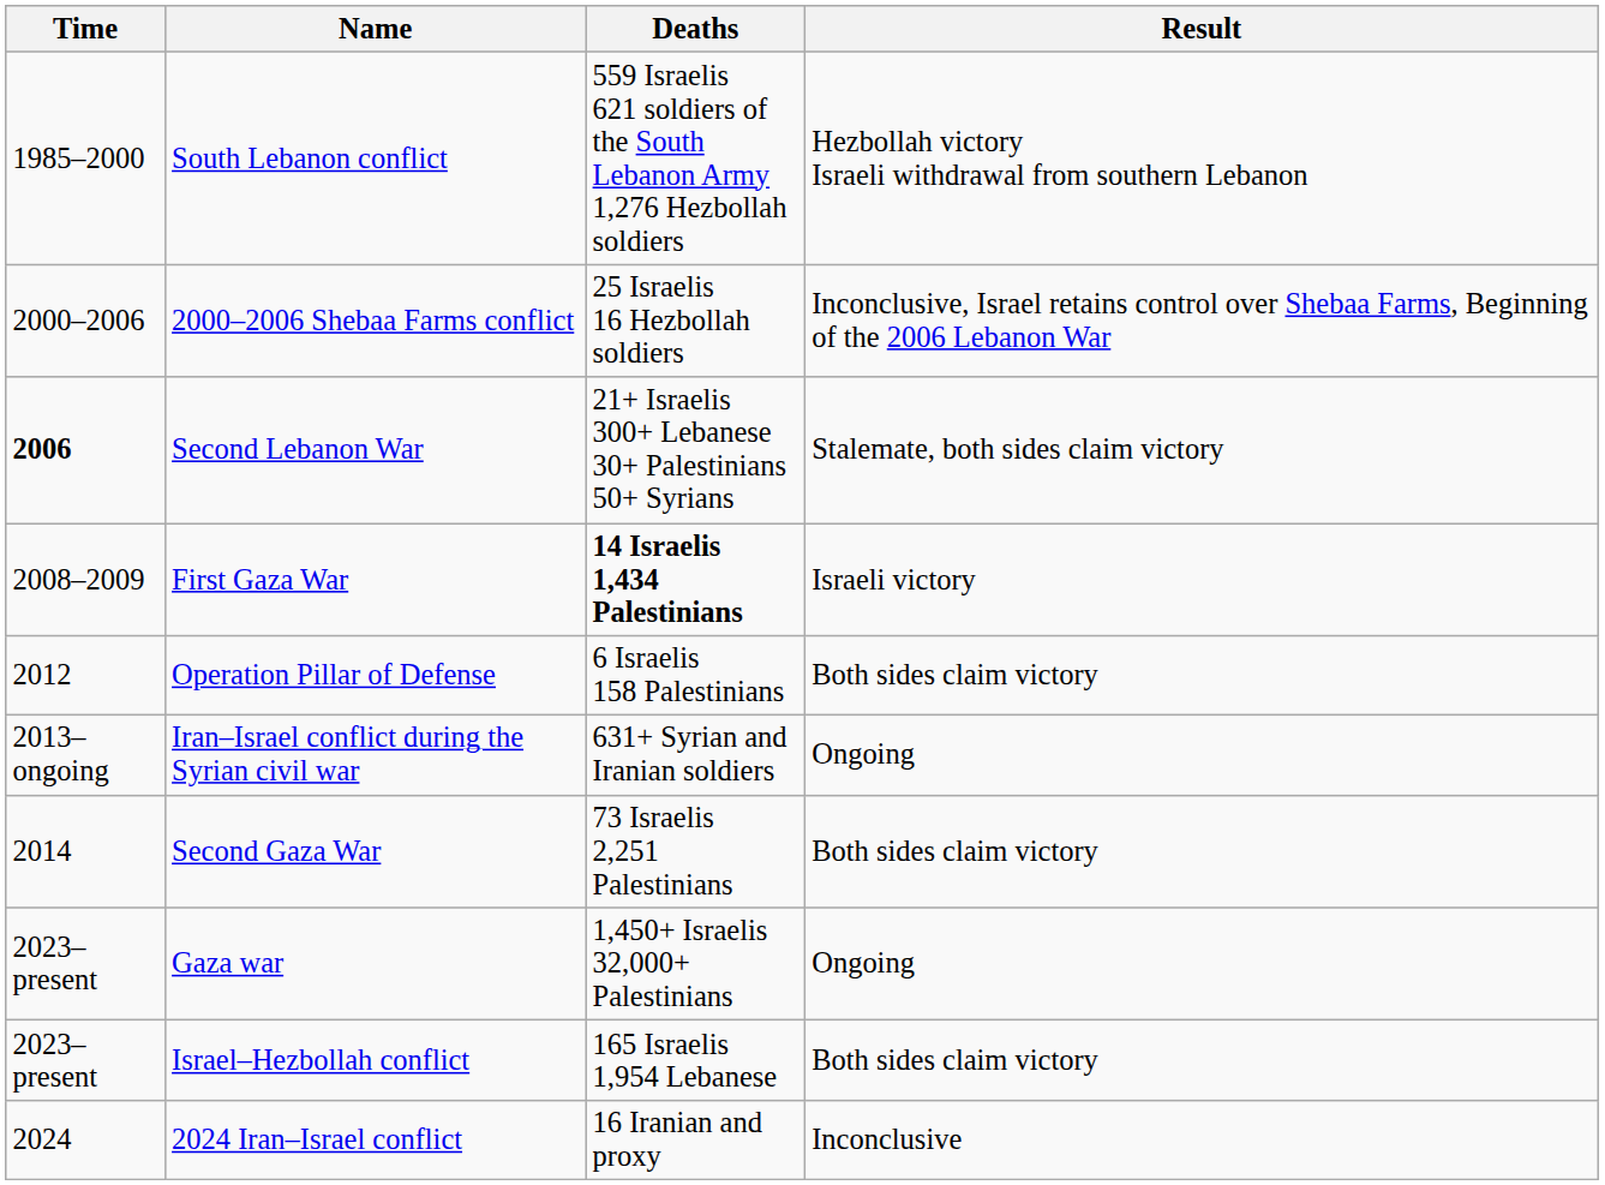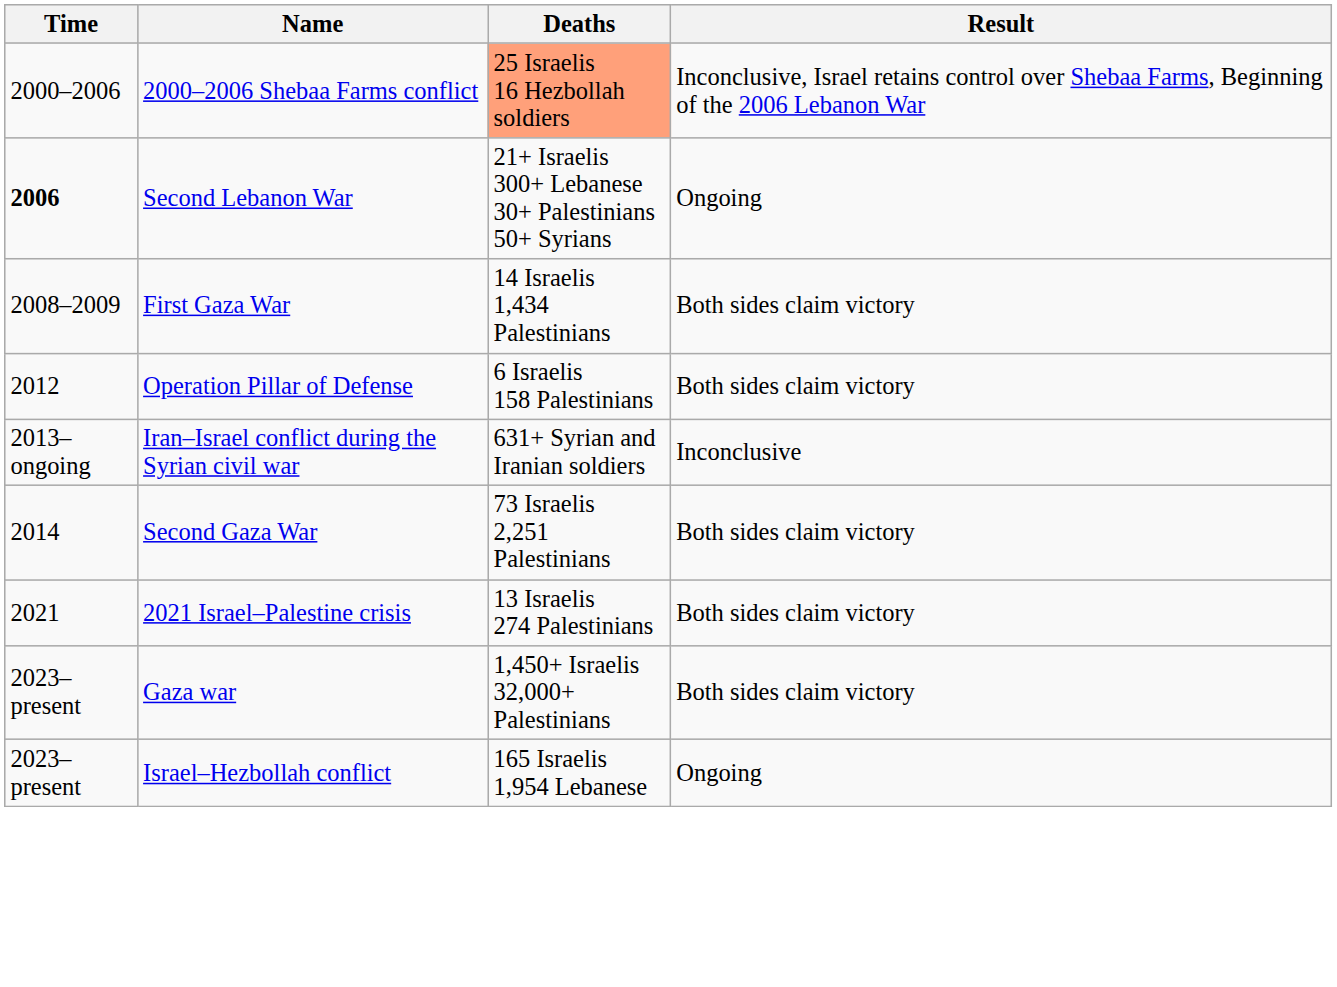 <table class="wikitable sortable">
 <tr>
 <th>Time</th>
 <th>Name</th>
 <th style=width:7em>Deaths</th>
 <th>Result</th>
 </tr>
 <tr>
-<td>1985–2000</td>
-<td><a href='#'>South Lebanon conflict</a></td>
-<td>559 Israelis<br>621 soldiers of the <a href='#'>South Lebanon Army</a> 1,276 Hezbollah soldiers</td>
-<td>Hezbollah victory<br>Israeli withdrawal from southern Lebanon</td>
-</tr>
-<tr>
 <td>2000–2006</td>
 <td><a href='#'>2000–2006 Shebaa Farms conflict</a></td>
-<td>25 Israelis<br>16 Hezbollah soldiers</td>
+<td style="background: lightsalmon;">25 Israelis<br>16 Hezbollah soldiers</td>
 <td>Inconclusive, Israel retains control over <a href='#'>Shebaa Farms</a>, Beginning of the <a href='#'>2006 Lebanon War</a></td>
 </tr>
 <tr>
 <td><strong>2006</strong></td>
 <td><a href='#'>Second Lebanon War</a></td>
 <td>21+ Israelis<br>300+ Lebanese<br>30+ Palestinians<br>50+ Syrians</td>
-<td>Stalemate, both sides claim victory</td>
+<td>Ongoing</td>
 </tr>
 <tr>
 <td>2008–2009</td>
 <td><a href='#'>First Gaza War</a></td>
-<td><strong>14 Israelis<br>1,434 Palestinians</strong></td>
-<td>Israeli victory</td>
+<td>14 Israelis<br>1,434 Palestinians</td>
+<td>Both sides claim victory</td>
 </tr>
 <tr>
 <td>2012</td>
 <td><a href='#'>Operation Pillar of Defense</a></td>
 <td>6 Israelis<br>158 Palestinians</td>
 <td>Both sides claim victory</td>
 </tr>
 <tr>
 <td>2013–ongoing</td>
 <td><a href='#'>Iran–Israel conflict during the Syrian civil war</a></td>
 <td>631+ Syrian and Iranian soldiers</td>
-<td>Ongoing</td>
+<td>Inconclusive</td>
 </tr>
 <tr>
 <td>2014</td>
 <td><a href='#'>Second Gaza War</a></td>
 <td>73 Israelis<br>2,251 Palestinians</td>
 <td>Both sides claim victory</td>
 </tr>
 <tr>
+<td>2021</td>
+<td><a href='#'>2021 Israel–Palestine crisis</a></td>
+<td>13 Israelis<br>274 Palestinians</td>
+<td>Both sides claim victory</td>
+</tr>
+<tr>
 <td>2023–present</td>
 <td><a href='#'>Gaza war</a></td>
 <td>1,450+ Israelis<br>32,000+ Palestinians</td>
-<td>Ongoing</td>
+<td>Both sides claim victory</td>
 </tr>
 <tr>
 <td>2023–present</td>
 <td><a href='#'>Israel–Hezbollah conflict</a></td>
 <td>165 Israelis<br>1,954 Lebanese</td>
-<td>Both sides claim victory</td>
-</tr>
-<tr>
-<td>2024</td>
-<td><a href='#'>2024 Iran–Israel conflict</a></td>
-<td>16 Iranian and proxy</td>
-<td>Inconclusive</td>
+<td>Ongoing</td>
 </tr>
 </table>
